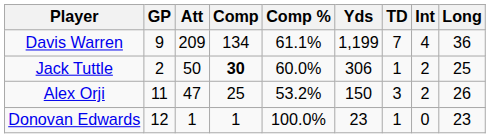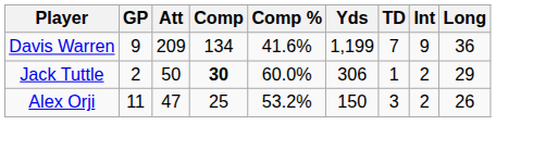 <table class="wikitable sortable sortable" style="text-align: center">
 <tr align=center>
 <th>Player</th>
 <th>GP</th>
 <th>Att</th>
 <th>Comp</th>
 <th>Comp %</th>
 <th>Yds</th>
 <th>TD</th>
 <th>Int</th>
 <th>Long</th>
 </tr>
 <tr>
 <td><a href='#'>Davis Warren</a></td>
 <td>9</td>
 <td>209</td>
 <td>134</td>
-<td>61.1%</td>
+<td>41.6%</td>
 <td>1,199</td>
 <td>7</td>
-<td>4</td>
+<td>9</td>
 <td>36</td>
 </tr>
 <tr>
 <td><a href='#'>Jack Tuttle</a></td>
 <td>2</td>
 <td>50</td>
 <td><strong>30</strong></td>
 <td>60.0%</td>
 <td>306</td>
 <td>1</td>
 <td>2</td>
-<td>25</td>
+<td>29</td>
 </tr>
 <tr>
 <td><a href='#'>Alex Orji</a></td>
 <td>11</td>
 <td>47</td>
 <td>25</td>
 <td>53.2%</td>
 <td>150</td>
 <td>3</td>
 <td>2</td>
 <td>26</td>
 </tr>
-<tr>
-<td><a href='#'>Donovan Edwards</a></td>
-<td>12</td>
-<td>1</td>
-<td>1</td>
-<td>100.0%</td>
-<td>23</td>
-<td>1</td>
-<td>0</td>
-<td>23</td>
-</tr>
 </table>
